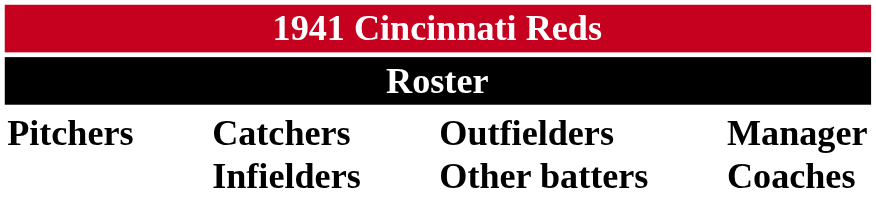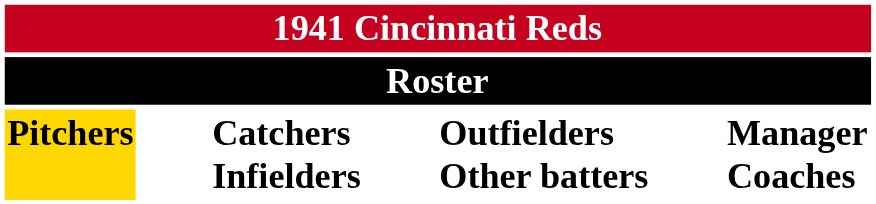 <table class="toccolours" style="font-size: 95%;">
 <tr>
 <th colspan="10" style="background-color: #c6011f; color: white; text-align: center;">1941 Cincinnati Reds</th>
 </tr>
 <tr>
 <td colspan="10" style="background-color: black; color: white; text-align: center;"><strong>Roster</strong></td>
 </tr>
 <tr>
-<td valign="top"><strong>Pitchers</strong><br>           </td>
+<td valign="top" style="background: gold;"><strong>Pitchers</strong><br>           </td>
 <td width="25px"></td>
 <td valign="top"><strong>Catchers</strong><br>     <strong>Infielders</strong>        </td>
 <td width="25px"></td>
 <td valign="top"><strong>Outfielders</strong><br>         <strong>Other batters</strong> </td>
 <td width="25px"></td>
 <td valign="top"><strong>Manager</strong><br> <strong>Coaches</strong>  </td>
 </tr>
 </table>
